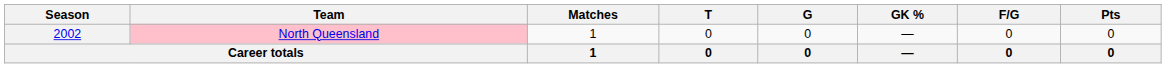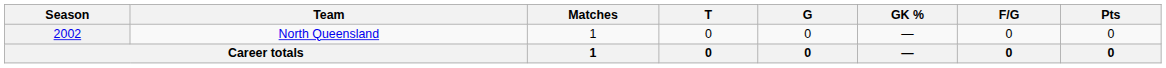 <table class="wikitable sortable"  style="font-size:90%; text-align:center; width:85%;">
 <tr>
 <th width=2%>Season</th>
 <th width=8%>Team</th>
 <th width=2%>Matches</th>
 <th width=2%>T</th>
 <th width=2%>G</th>
 <th width=2%>GK %</th>
 <th width=2%>F/G</th>
 <th width=2%>Pts</th>
 </tr>
 <tr>
 <th scope="row" style="text-align:center; font-weight:normal"><a href='#'>2002</a></th>
-<td style="background: pink; text-align:center;"> <a href='#'>North Queensland</a></td>
+<td style="text-align:center;"> <a href='#'>North Queensland</a></td>
 <td>1</td>
 <td>0</td>
 <td>0</td>
 <td>—</td>
 <td>0</td>
 <td>0</td>
 </tr>
 <tr class="sortbottom">
 <th colspan=2>Career totals</th>
 <th>1</th>
 <th>0</th>
 <th>0</th>
 <th>—</th>
 <th>0</th>
 <th>0</th>
 </tr>
 </table>
